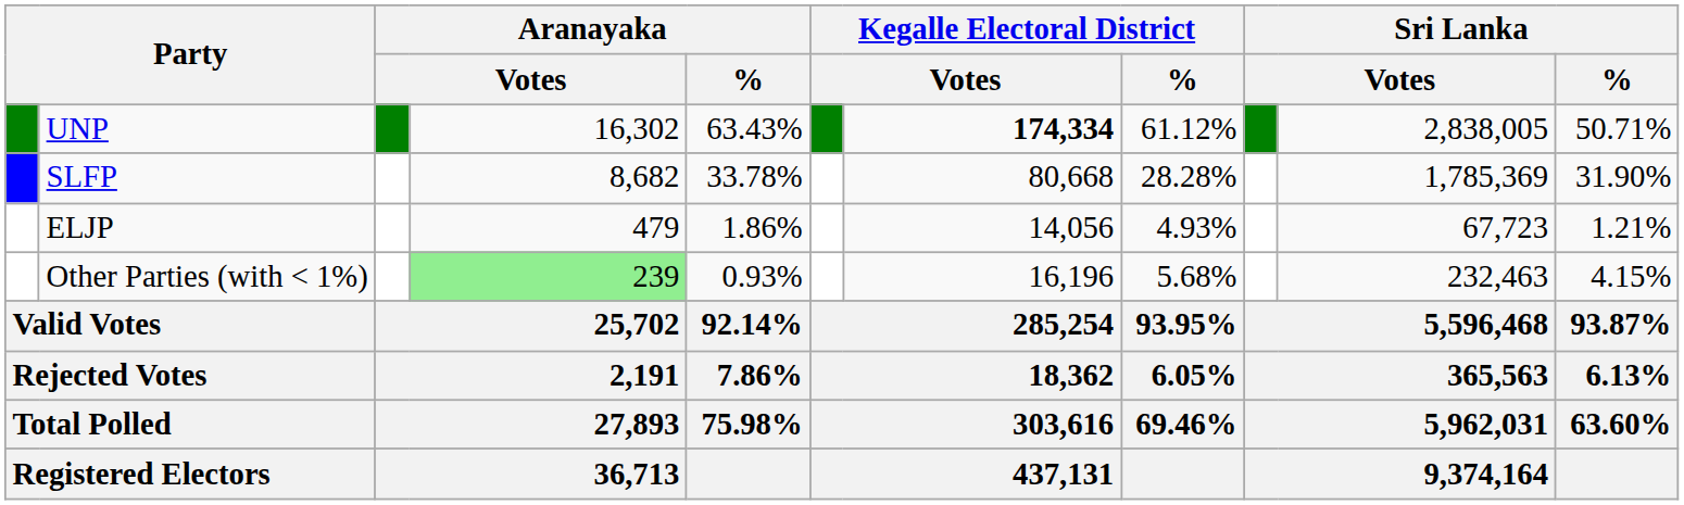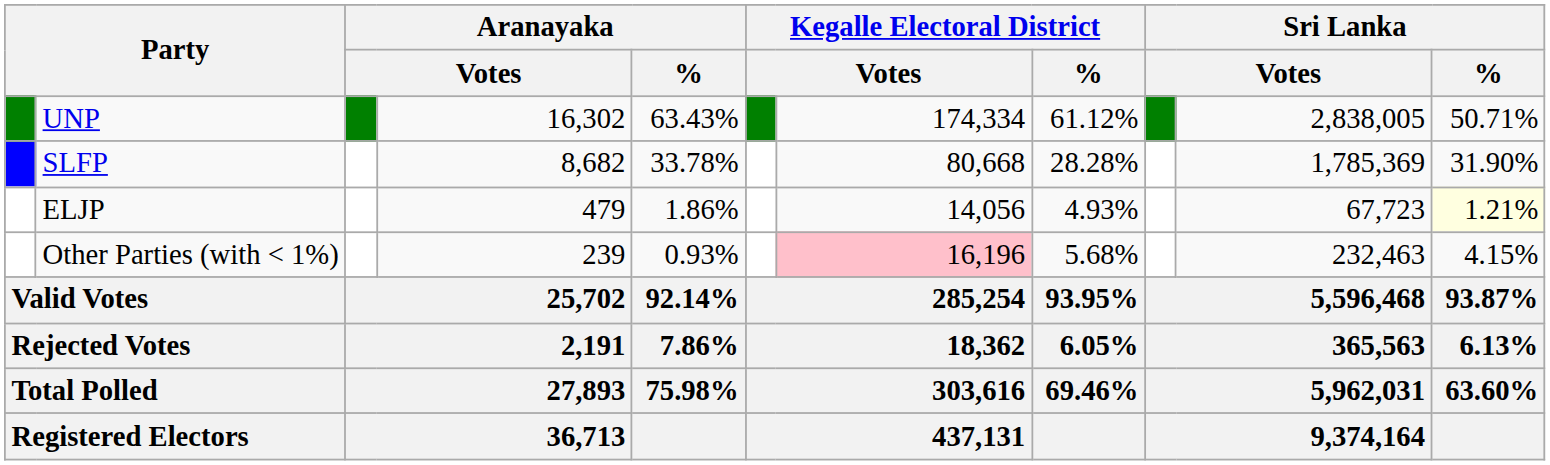 <table class="wikitable">
 <tr>
 <th colspan="2" width="144px"rowspan="2">Party</th>
 <th colspan="3" width="216px">Aranayaka</th>
 <th colspan="3" width="216px"><a href='#'>Kegalle Electoral District</a></th>
 <th colspan="3" width="216px">Sri Lanka</th>
 </tr>
 <tr>
 <th colspan="2" width="144px">Votes</th>
 <th>%</th>
 <th colspan="2" width="144px">Votes</th>
 <th>%</th>
 <th colspan="2" width="144px">Votes</th>
 <th>%</th>
 </tr>
 <tr>
 <td style="background-color:green;" width="10px"></td>
 <td style="text-align:left;"><a href='#'>UNP</a></td>
 <td style="background-color:green;" width="10px"></td>
 <td style="text-align:right;">16,302</td>
 <td style="text-align:right;">63.43%</td>
 <td style="background-color:green;" width="10px"></td>
-<td style="text-align:right;"><strong>174,334</strong></td>
+<td style="text-align:right;">174,334</td>
 <td style="text-align:right;">61.12%</td>
 <td style="background-color:green;" width="10px"></td>
 <td style="text-align:right;">2,838,005</td>
 <td style="text-align:right;">50.71%</td>
 </tr>
 <tr>
 <td style="background-color:blue;" width="10px"></td>
 <td style="text-align:left;"><a href='#'>SLFP</a></td>
 <td style="background-color:white;" width="10px"></td>
 <td style="text-align:right;">8,682</td>
 <td style="text-align:right;">33.78%</td>
 <td style="background-color:white;" width="10px"></td>
 <td style="text-align:right;">80,668</td>
 <td style="text-align:right;">28.28%</td>
 <td style="background-color:white;" width="10px"></td>
 <td style="text-align:right;">1,785,369</td>
 <td style="text-align:right;">31.90%</td>
 </tr>
 <tr>
 <td style="background-color:white;" width="10px"></td>
 <td style="text-align:left;">ELJP</td>
 <td style="background-color:white;" width="10px"></td>
 <td style="text-align:right;">479</td>
 <td style="text-align:right;">1.86%</td>
 <td style="background-color:white;" width="10px"></td>
 <td style="text-align:right;">14,056</td>
 <td style="text-align:right;">4.93%</td>
 <td style="background-color:white;" width="10px"></td>
 <td style="text-align:right;">67,723</td>
-<td style="text-align:right;">1.21%</td>
+<td style="background: lightyellow; text-align:right;">1.21%</td>
 </tr>
 <tr>
 <td style="background-color:white;" width="10px"></td>
 <td style="text-align:left;">Other Parties (with < 1%)</td>
 <td style="background-color:white;" width="10px"></td>
-<td style="background: lightgreen; text-align:right;">239</td>
+<td style="text-align:right;">239</td>
 <td style="text-align:right;">0.93%</td>
 <td style="background-color:white;" width="10px"></td>
-<td style="text-align:right;">16,196</td>
+<td style="background: pink; text-align:right;">16,196</td>
 <td style="text-align:right;">5.68%</td>
 <td style="background-color:white;" width="10px"></td>
 <td style="text-align:right;">232,463</td>
 <td style="text-align:right;">4.15%</td>
 </tr>
 <tr>
 <th colspan="2" width="144px"style="text-align:left;">Valid Votes</th>
 <th style="text-align:right;"colspan="2" width="144px">25,702</th>
 <th style="text-align:right;">92.14%</th>
 <th style="text-align:right;"colspan="2" width="144px">285,254</th>
 <th style="text-align:right;">93.95%</th>
 <th style="text-align:right;"colspan="2" width="144px">5,596,468</th>
 <th style="text-align:right;">93.87%</th>
 </tr>
 <tr>
 <th colspan="2" width="144px"style="text-align:left;">Rejected Votes</th>
 <th style="text-align:right;"colspan="2" width="144px">2,191</th>
 <th style="text-align:right;">7.86%</th>
 <th style="text-align:right;"colspan="2" width="144px">18,362</th>
 <th style="text-align:right;">6.05%</th>
 <th style="text-align:right;"colspan="2" width="144px">365,563</th>
 <th style="text-align:right;">6.13%</th>
 </tr>
 <tr>
 <th colspan="2" width="144px"style="text-align:left;">Total Polled</th>
 <th style="text-align:right;"colspan="2" width="144px">27,893</th>
 <th style="text-align:right;">75.98%</th>
 <th style="text-align:right;"colspan="2" width="144px">303,616</th>
 <th style="text-align:right;">69.46%</th>
 <th style="text-align:right;"colspan="2" width="144px">5,962,031</th>
 <th style="text-align:right;">63.60%</th>
 </tr>
 <tr>
 <th colspan="2" width="144px"style="text-align:left;">Registered Electors</th>
 <th style="text-align:right;"colspan="2" width="144px">36,713</th>
 <th></th>
 <th style="text-align:right;"colspan="2" width="144px">437,131</th>
 <th></th>
 <th style="text-align:right;"colspan="2" width="144px">9,374,164</th>
 <th></th>
 </tr>
 </table>
